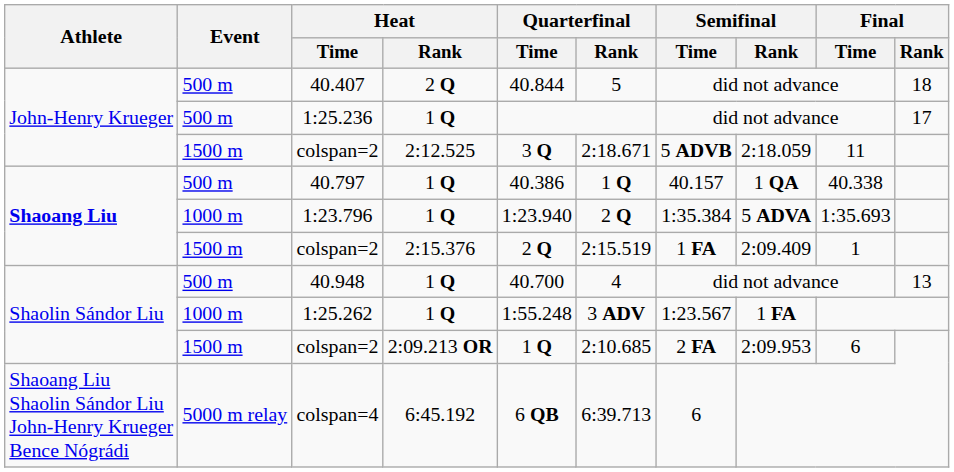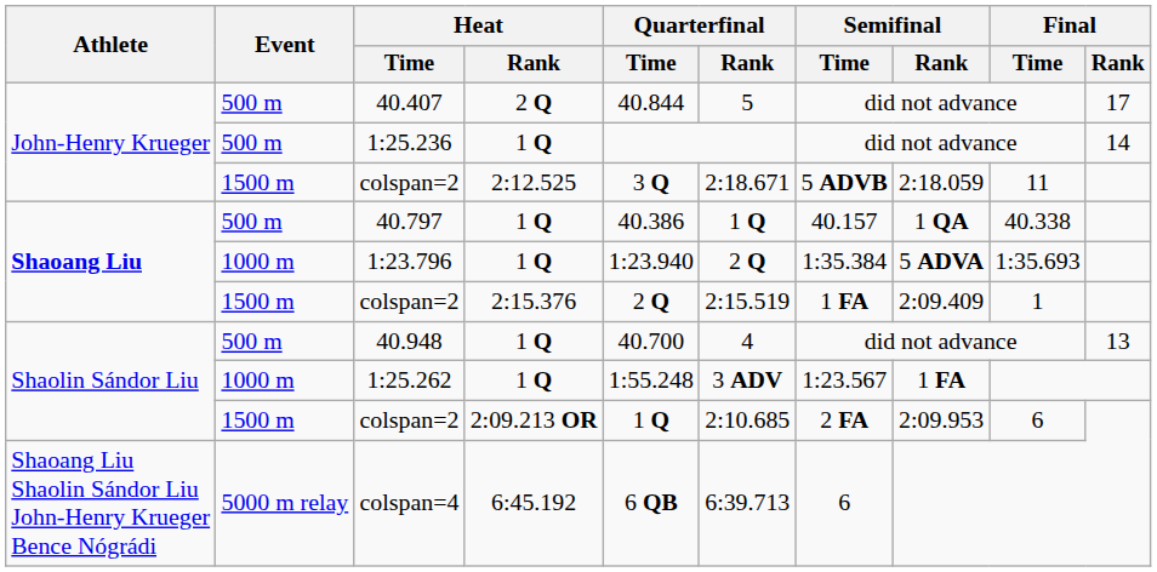 <table class=wikitable style="font-size:90%; text-align:center">
 <tr>
 <th rowspan=2>Athlete</th>
 <th rowspan=2>Event</th>
 <th colspan=2>Heat</th>
 <th colspan=2>Quarterfinal</th>
 <th colspan=2>Semifinal</th>
 <th colspan=2>Final</th>
 </tr>
 <tr style=font-size:95%>
 <th>Time</th>
 <th>Rank</th>
 <th>Time</th>
 <th>Rank</th>
 <th>Time</th>
 <th>Rank</th>
 <th>Time</th>
 <th>Rank</th>
 </tr>
 <tr>
 <td align=left rowspan=3><a href='#'>John-Henry Krueger</a></td>
 <td align=left><a href='#'>500 m</a></td>
 <td>40.407</td>
 <td>2 <strong>Q</strong></td>
 <td>40.844</td>
 <td>5</td>
 <td colspan=3>did not advance</td>
-<td>18</td>
+<td>17</td>
 </tr>
 <tr>
 <td align=left><a href='#'>500 m</a></td>
 <td>1:25.236</td>
 <td>1 <strong>Q</strong></td>
 <td colspan=2></td>
 <td colspan=3>did not advance</td>
-<td>17</td>
+<td>14</td>
 </tr>
 <tr>
 <td align=left><a href='#'>1500 m</a></td>
 <td>colspan=2 </td>
 <td>2:12.525</td>
 <td>3 <strong>Q</strong></td>
 <td>2:18.671</td>
 <td>5 <strong>ADVB</strong></td>
 <td>2:18.059</td>
 <td>11</td>
 </tr>
 <tr>
 <td align=left rowspan=3><strong><a href='#'>Shaoang Liu</a></strong></td>
 <td align=left><a href='#'>500 m</a></td>
 <td>40.797</td>
 <td>1 <strong>Q</strong></td>
 <td>40.386</td>
 <td>1 <strong>Q</strong></td>
 <td>40.157</td>
 <td>1 <strong>QA</strong></td>
 <td>40.338</td>
 <td></td>
 </tr>
 <tr>
 <td align=left><a href='#'>1000 m</a></td>
 <td>1:23.796</td>
 <td>1 <strong>Q</strong></td>
 <td>1:23.940</td>
 <td>2 <strong>Q</strong></td>
 <td>1:35.384</td>
 <td>5 <strong>ADVA</strong></td>
 <td>1:35.693</td>
 <td></td>
 </tr>
 <tr>
 <td align=left><a href='#'>1500 m</a></td>
 <td>colspan=2 </td>
 <td>2:15.376</td>
 <td>2 <strong>Q</strong></td>
 <td>2:15.519</td>
 <td>1 <strong>FA</strong></td>
 <td>2:09.409</td>
 <td>1</td>
 </tr>
 <tr>
 <td align=left rowspan=3><a href='#'>Shaolin Sándor Liu</a></td>
 <td align=left><a href='#'>500 m</a></td>
 <td>40.948</td>
 <td>1 <strong>Q</strong></td>
 <td>40.700</td>
 <td>4</td>
 <td colspan=3>did not advance</td>
 <td>13</td>
 </tr>
 <tr>
 <td align=left><a href='#'>1000 m</a></td>
 <td>1:25.262</td>
 <td>1 <strong>Q</strong></td>
 <td>1:55.248</td>
 <td>3 <strong>ADV</strong></td>
 <td>1:23.567</td>
 <td>1 <strong>FA</strong></td>
 <td colspan=2></td>
 </tr>
 <tr>
 <td align=left><a href='#'>1500 m</a></td>
 <td>colspan=2 </td>
 <td>2:09.213 <strong>OR</strong></td>
 <td>1 <strong>Q</strong></td>
 <td>2:10.685</td>
 <td>2 <strong>FA</strong></td>
 <td>2:09.953</td>
 <td>6</td>
 </tr>
 <tr align=center>
 <td align=left><a href='#'>Shaoang Liu</a><br><a href='#'>Shaolin Sándor Liu</a><br><a href='#'>John-Henry Krueger</a><br><a href='#'>Bence Nógrádi</a></td>
 <td align=left><a href='#'>5000 m relay</a></td>
 <td>colspan=4 </td>
 <td>6:45.192</td>
 <td>6 <strong>QB</strong></td>
 <td>6:39.713</td>
 <td>6</td>
 </tr>
 </table>
